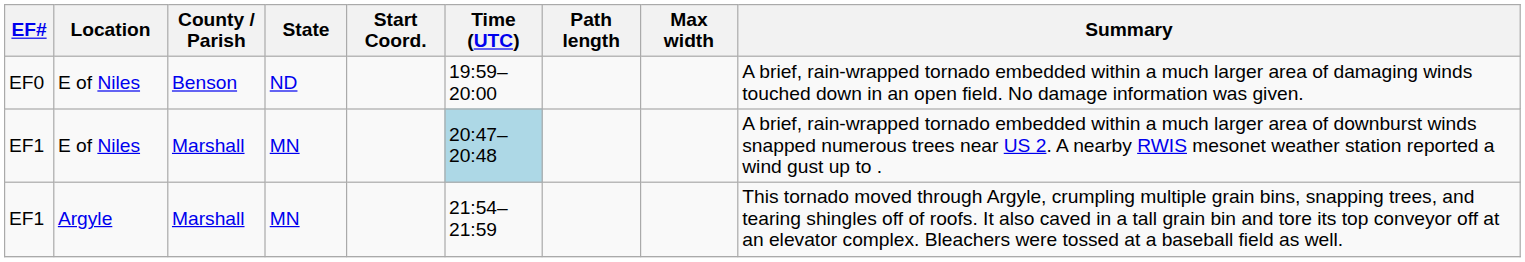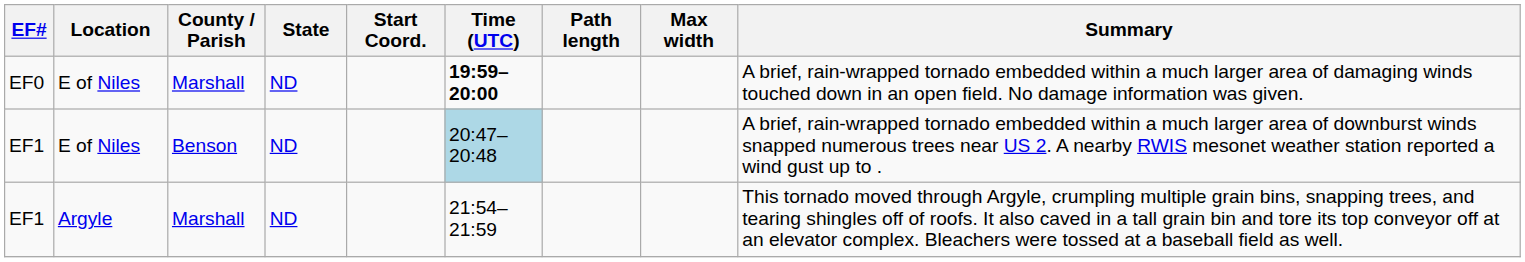 <table class="wikitable sortable" style="width:100%;">
 <tr>
 <th scope="col"  style="width:3%; text-align:center;"><a href='#'>EF#</a></th>
 <th scope="col"  style="width:7%; text-align:center;" class="unsortable">Location</th>
 <th scope="col"  style="width:6%; text-align:center;" class="unsortable">County / Parish</th>
 <th scope="col"  style="width:5%; text-align:center;">State</th>
 <th scope="col"  style="width:6%; text-align:center;">Start Coord.</th>
 <th scope="col"  style="width:6%; text-align:center;">Time (<a href='#'>UTC</a>)</th>
 <th scope="col"  style="width:6%; text-align:center;">Path length</th>
 <th scope="col"  style="width:6%; text-align:center;">Max width</th>
 <th scope="col" class="unsortable" style="width:48%; text-align:center;">Summary</th>
 </tr>
 <tr>
 <td>EF0</td>
 <td>E of <a href='#'>Niles</a></td>
-<td><a href='#'>Benson</a></td>
+<td><a href='#'>Marshall</a></td>
 <td><a href='#'>ND</a></td>
 <td></td>
-<td>19:59–20:00</td>
+<td><strong>19:59–20:00</strong></td>
 <td></td>
 <td></td>
 <td>A brief, rain-wrapped tornado embedded within a much larger area of damaging winds touched down in an open field. No damage information was given.</td>
 </tr>
 <tr>
 <td>EF1</td>
 <td>E of <a href='#'>Niles</a></td>
-<td><a href='#'>Marshall</a></td>
-<td><a href='#'>MN</a></td>
+<td><a href='#'>Benson</a></td>
+<td><a href='#'>ND</a></td>
 <td></td>
 <td style="background: lightblue;">20:47–20:48</td>
 <td></td>
 <td></td>
 <td>A brief, rain-wrapped tornado embedded within a much larger area of downburst winds snapped numerous trees near <a href='#'>US 2</a>. A nearby <a href='#'>RWIS</a> mesonet weather station reported a wind gust up to .</td>
 </tr>
 <tr>
 <td>EF1</td>
 <td><a href='#'>Argyle</a></td>
 <td><a href='#'>Marshall</a></td>
-<td><a href='#'>MN</a></td>
+<td><a href='#'>ND</a></td>
 <td></td>
 <td>21:54–21:59</td>
 <td></td>
 <td></td>
 <td>This tornado moved through Argyle, crumpling multiple grain bins, snapping trees, and tearing shingles off of roofs. It also caved in a tall grain bin and tore its top conveyor off at an elevator complex. Bleachers were tossed at a baseball field as well.</td>
 </tr>
 <tr>
 </tr>
 </table>
